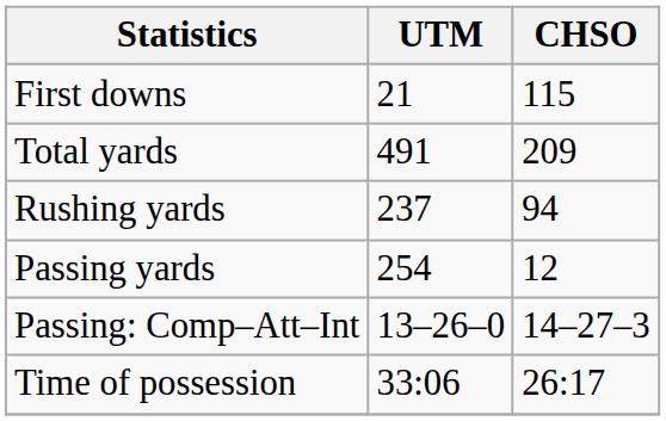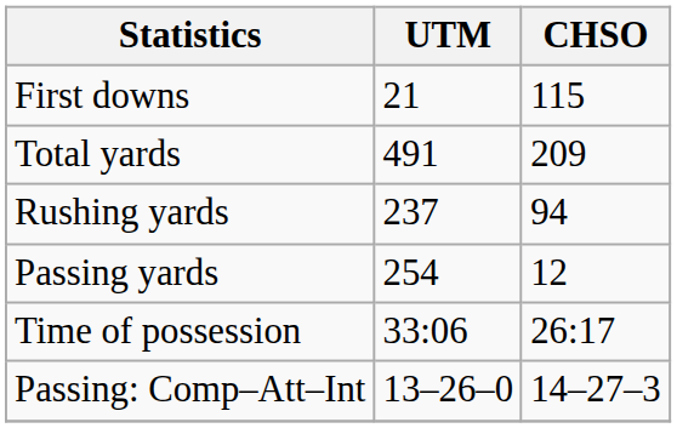 <table class="wikitable" style="float: left;">
 <tr>
 <th>Statistics</th>
 <th>UTM</th>
 <th>CHSO</th>
 </tr>
 <tr>
 <td>First downs</td>
 <td>21</td>
 <td>115</td>
 </tr>
 <tr>
 <td>Total yards</td>
 <td>491</td>
 <td>209</td>
 </tr>
 <tr>
 <td>Rushing yards</td>
 <td>237</td>
 <td>94</td>
 </tr>
 <tr>
 <td>Passing yards</td>
 <td>254</td>
 <td>12</td>
 </tr>
 <tr>
+<td>Time of possession</td>
+<td>33:06</td>
+<td>26:17</td>
+</tr>
+<tr>
 <td>Passing: Comp–Att–Int</td>
 <td>13–26–0</td>
 <td>14–27–3</td>
 </tr>
 <tr>
-<td>Time of possession</td>
-<td>33:06</td>
-<td>26:17</td>
-</tr>
-<tr>
 </tr>
 </table>
